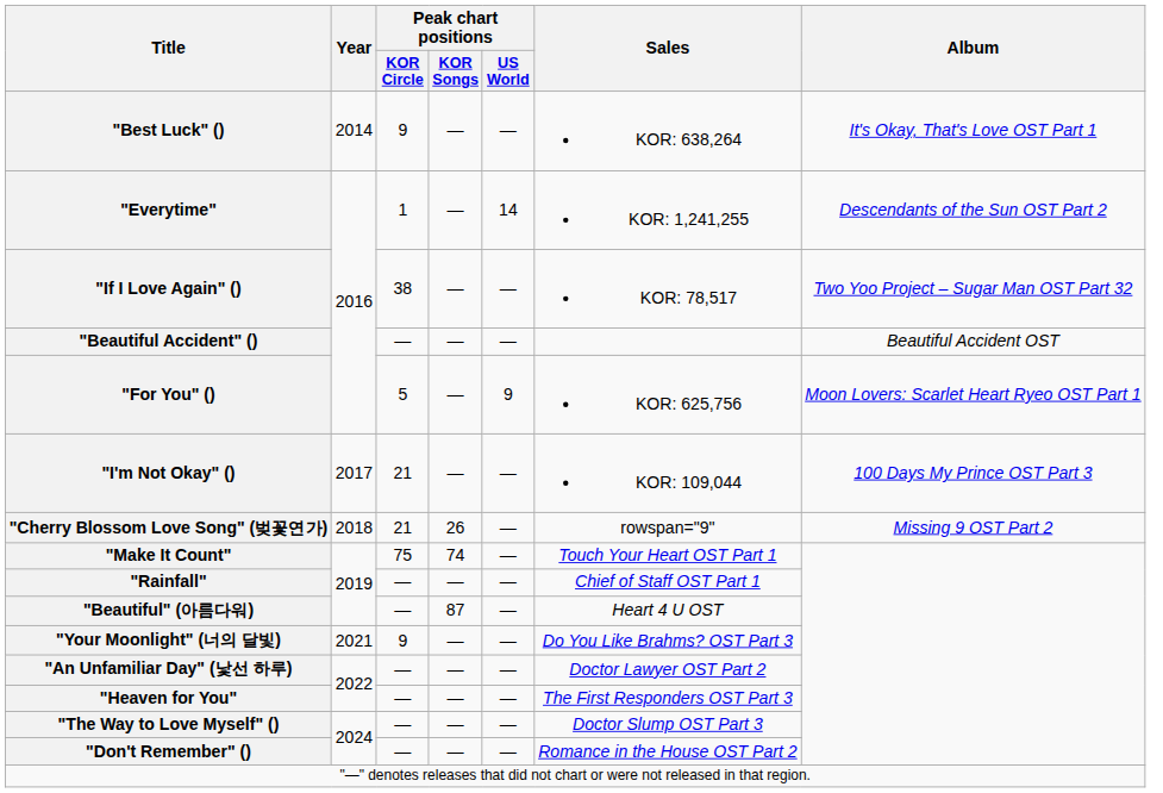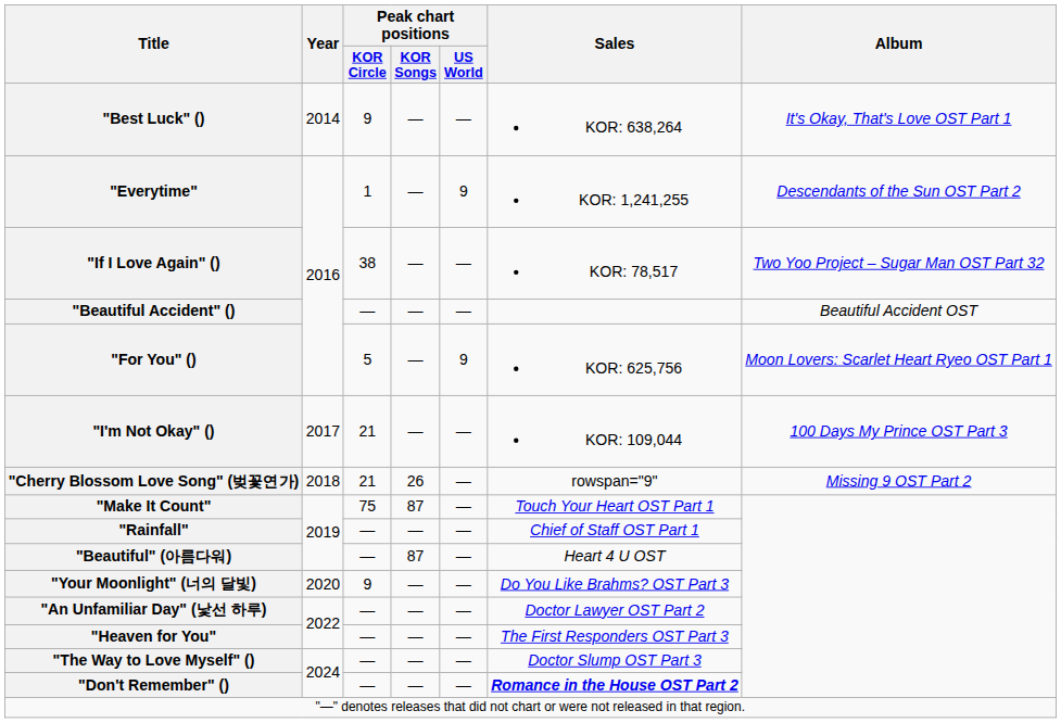 <table class="wikitable plainrowheaders" style="text-align:center">
 <tr>
 <th scope="col" rowspan="2">Title</th>
 <th scope="col" rowspan="2">Year</th>
 <th scope="col" colspan="3">Peak chart positions</th>
 <th scope="col" rowspan="2">Sales</th>
 <th scope="col" rowspan="2">Album</th>
 </tr>
 <tr>
 <th scope="col" style="width:3.0em;font-size:90%"><a href='#'>KOR<br>Circle</a><br></th>
 <th scope="col" style="width:3.0em;font-size:90%"><a href='#'>KOR<br>Songs</a><br></th>
 <th scope="col" style="width:3.0em;font-size:90%"><a href='#'>US<br>World</a><br></th>
 </tr>
 <tr>
 <th scope="row">"Best Luck" ()</th>
 <td>2014</td>
 <td>9</td>
 <td>—</td>
 <td>—</td>
 <td><br><ul><li>KOR: 638,264</li></ul></td>
 <td><em><a href='#'>It's Okay, That's Love OST Part 1</a></em></td>
 </tr>
 <tr>
 <th scope="row">"Everytime"<br></th>
 <td rowspan="4">2016</td>
 <td>1</td>
 <td>—</td>
-<td>14</td>
+<td>9</td>
 <td><br><ul><li>KOR: 1,241,255</li></ul></td>
 <td><em><a href='#'>Descendants of the Sun OST Part 2</a></em></td>
 </tr>
 <tr>
 <th scope="row">"If I Love Again" ()<br></th>
 <td>38</td>
 <td>—</td>
 <td>—</td>
 <td><br><ul><li>KOR: 78,517</li></ul></td>
 <td><em><a href='#'>Two Yoo Project – Sugar Man OST Part 32</a></em></td>
 </tr>
 <tr>
 <th scope="row">"Beautiful Accident" ()<br></th>
 <td>—</td>
 <td>—</td>
 <td>—</td>
 <td></td>
 <td><em>Beautiful Accident OST</em></td>
 </tr>
 <tr>
 <th scope="row">"For You" ()<br></th>
 <td>5</td>
 <td>—</td>
 <td>9</td>
 <td><br><ul><li>KOR: 625,756</li></ul></td>
 <td><em><a href='#'>Moon Lovers: Scarlet Heart Ryeo OST Part 1</a></em></td>
 </tr>
 <tr>
 <th scope="row">"I'm Not Okay" ()</th>
 <td>2017</td>
 <td>21</td>
 <td>—</td>
 <td>—</td>
 <td><br><ul><li>KOR: 109,044</li></ul></td>
 <td><em><a href='#'>100 Days My Prince OST Part 3</a></em></td>
 </tr>
 <tr>
 <th scope="row">"Cherry Blossom Love Song" (벚꽃연가)</th>
 <td>2018</td>
 <td>21</td>
 <td>26</td>
 <td>—</td>
 <td>rowspan="9" </td>
 <td><em><a href='#'>Missing 9 OST Part 2</a></em></td>
 </tr>
 <tr>
 <th scope="row">"Make It Count"</th>
 <td rowspan="3">2019</td>
 <td>75</td>
-<td>74</td>
+<td>87</td>
 <td>—</td>
 <td><em><a href='#'>Touch Your Heart OST Part 1</a></em></td>
 </tr>
 <tr>
 <th scope="row">"Rainfall"</th>
 <td>—</td>
 <td>—</td>
 <td>—</td>
 <td><em><a href='#'>Chief of Staff OST Part 1</a></em></td>
 </tr>
 <tr>
 <th scope="row">"Beautiful" (아름다워)</th>
 <td>—</td>
 <td>87</td>
 <td>—</td>
 <td><em>Heart 4 U OST</em></td>
 </tr>
 <tr>
 <th scope="row">"Your Moonlight" (너의 달빛)</th>
-<td>2021</td>
+<td>2020</td>
 <td>9</td>
 <td>—</td>
 <td>—</td>
 <td><em><a href='#'>Do You Like Brahms? OST Part 3</a></em></td>
 </tr>
 <tr>
 <th scope="row">"An Unfamiliar Day" (낯선 하루)</th>
 <td rowspan="2">2022</td>
 <td>—</td>
 <td>—</td>
 <td>—</td>
 <td><em><a href='#'>Doctor Lawyer OST Part 2</a></em></td>
 </tr>
 <tr>
 <th scope="row">"Heaven for You"</th>
 <td>—</td>
 <td>—</td>
 <td>—</td>
 <td><em><a href='#'>The First Responders OST Part 3</a></em></td>
 </tr>
 <tr>
 <th scope="row">"The Way to Love Myself" ()</th>
 <td rowspan="2">2024</td>
 <td>—</td>
 <td>—</td>
 <td>—</td>
 <td><em><a href='#'>Doctor Slump OST Part 3</a></em></td>
 </tr>
 <tr>
 <th scope="row">"Don't Remember" ()</th>
 <td>—</td>
 <td>—</td>
 <td>—</td>
-<td><em><a href='#'>Romance in the House OST Part 2</a></em></td>
+<td><strong><em><a href='#'>Romance in the House OST Part 2</a></em></strong></td>
 </tr>
 <tr>
 <td colspan="8" style="text-align:center; font-size:85%">"—" denotes releases that did not chart or were not released in that region.</td>
 </tr>
 </table>
